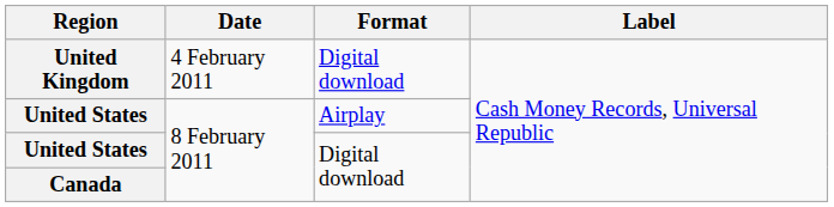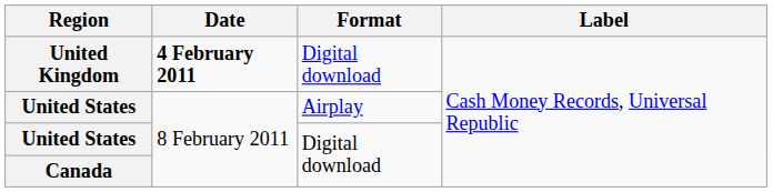 <table class="wikitable plainrowheaders">
 <tr>
 <th scope="col">Region</th>
 <th scope="col">Date</th>
 <th scope="col">Format</th>
 <th scope="col">Label</th>
 </tr>
 <tr>
 <th scope="row">United Kingdom</th>
-<td>4 February 2011</td>
+<td><strong>4 February 2011</strong></td>
 <td><a href='#'>Digital download</a></td>
 <td rowspan="4"><a href='#'>Cash Money Records</a>, <a href='#'>Universal Republic</a></td>
 </tr>
 <tr>
 <th scope="row">United States</th>
 <td rowspan="3">8 February 2011</td>
 <td><a href='#'>Airplay</a></td>
 </tr>
 <tr>
 <th scope="row">United States</th>
 <td rowspan="2">Digital download</td>
 </tr>
 <tr>
 <th scope="row">Canada</th>
 </tr>
 </table>
